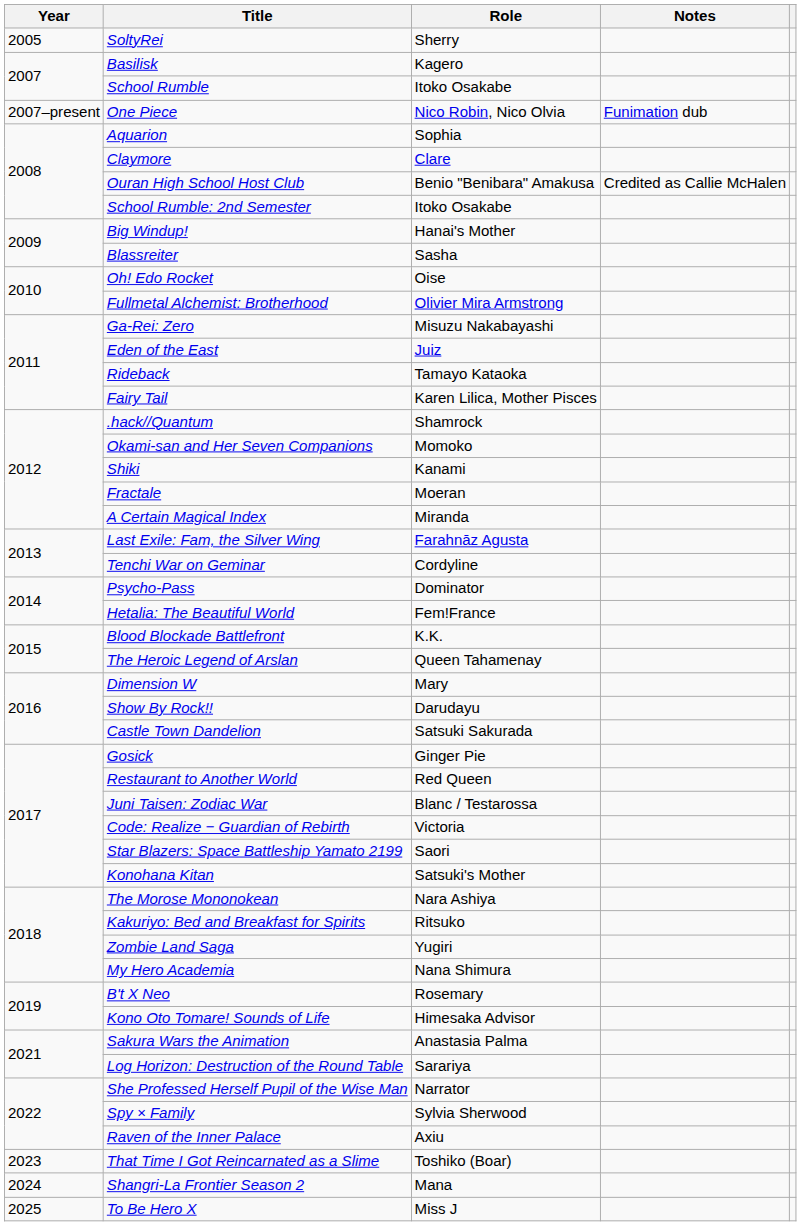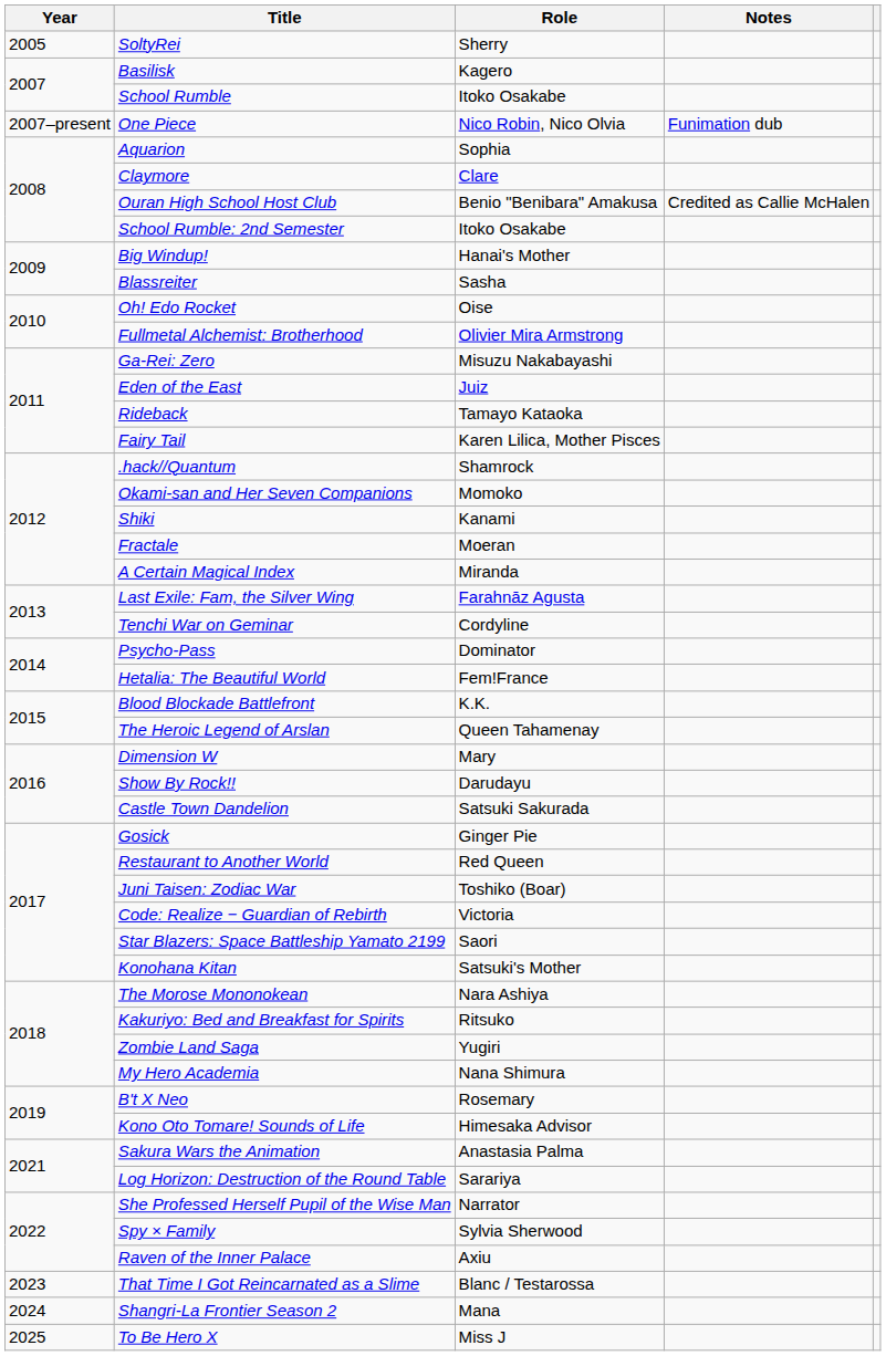 <table class="wikitable sortable plainrowheaders">
 <tr>
 <th>Year</th>
 <th>Title</th>
 <th>Role</th>
 <th class="unsortable">Notes</th>
 <th class="unsortable"></th>
 </tr>
 <tr>
 <td>2005</td>
 <td><em><a href='#'>SoltyRei</a></em></td>
 <td>Sherry</td>
 <td></td>
 <td></td>
 </tr>
 <tr>
 <td rowspan="2">2007</td>
 <td><em><a href='#'>Basilisk</a></em></td>
 <td>Kagero</td>
 <td></td>
 <td></td>
 </tr>
 <tr>
 <td><em><a href='#'>School Rumble</a></em></td>
 <td>Itoko Osakabe</td>
 <td></td>
 <td></td>
 </tr>
 <tr>
 <td>2007–present</td>
 <td><em><a href='#'>One Piece</a></em></td>
 <td><a href='#'>Nico Robin</a>, Nico Olvia</td>
 <td><a href='#'>Funimation</a> dub</td>
 <td></td>
 </tr>
 <tr>
 <td rowspan="4">2008</td>
 <td><em><a href='#'>Aquarion</a></em></td>
 <td>Sophia</td>
 <td></td>
 <td></td>
 </tr>
 <tr>
 <td><em><a href='#'>Claymore</a></em></td>
 <td><a href='#'>Clare</a></td>
 <td></td>
 <td></td>
 </tr>
 <tr>
 <td><em><a href='#'>Ouran High School Host Club</a></em></td>
 <td>Benio "Benibara" Amakusa</td>
 <td>Credited as Callie McHalen</td>
 <td></td>
 </tr>
 <tr>
 <td><em><a href='#'>School Rumble: 2nd Semester</a></em></td>
 <td>Itoko Osakabe</td>
 <td></td>
 <td></td>
 </tr>
 <tr>
 <td rowspan="2">2009</td>
 <td><em><a href='#'>Big Windup!</a></em></td>
 <td>Hanai's Mother</td>
 <td></td>
 <td></td>
 </tr>
 <tr>
 <td><em><a href='#'>Blassreiter</a></em></td>
 <td>Sasha</td>
 <td></td>
 <td></td>
 </tr>
 <tr>
 <td rowspan="2">2010</td>
 <td><em><a href='#'>Oh! Edo Rocket</a></em></td>
 <td>Oise</td>
 <td></td>
 <td></td>
 </tr>
 <tr>
 <td><em><a href='#'>Fullmetal Alchemist: Brotherhood</a></em></td>
 <td><a href='#'>Olivier Mira Armstrong</a></td>
 <td></td>
 <td></td>
 </tr>
 <tr>
 <td rowspan="4'">2011</td>
 <td><em><a href='#'>Ga-Rei: Zero</a></em></td>
 <td>Misuzu Nakabayashi</td>
 <td></td>
 <td></td>
 </tr>
 <tr>
 <td><em><a href='#'>Eden of the East</a></em></td>
 <td><a href='#'>Juiz</a></td>
 <td></td>
 <td></td>
 </tr>
 <tr>
 <td><em><a href='#'>Rideback</a></em></td>
 <td>Tamayo Kataoka</td>
 <td></td>
 <td></td>
 </tr>
 <tr>
 <td><em><a href='#'>Fairy Tail</a></em></td>
 <td>Karen Lilica, Mother Pisces</td>
 <td></td>
 <td></td>
 </tr>
 <tr>
 <td rowspan="5">2012</td>
 <td><em><a href='#'>.hack//Quantum</a></em></td>
 <td>Shamrock</td>
 <td></td>
 <td></td>
 </tr>
 <tr>
 <td><em><a href='#'>Okami-san and Her Seven Companions</a></em></td>
 <td>Momoko</td>
 <td></td>
 <td></td>
 </tr>
 <tr>
 <td><em><a href='#'>Shiki</a></em></td>
 <td>Kanami</td>
 <td></td>
 <td></td>
 </tr>
 <tr>
 <td><em><a href='#'>Fractale</a></em></td>
 <td>Moeran</td>
 <td></td>
 <td></td>
 </tr>
 <tr>
 <td><em><a href='#'>A Certain Magical Index</a></em></td>
 <td>Miranda</td>
 <td></td>
 <td></td>
 </tr>
 <tr>
 <td rowspan="2">2013<br></td>
 <td><em><a href='#'>Last Exile: Fam, the Silver Wing</a></em></td>
 <td><a href='#'>Farahnāz Agusta</a></td>
 <td></td>
 <td></td>
 </tr>
 <tr>
 <td><em><a href='#'>Tenchi War on Geminar</a></em></td>
 <td>Cordyline</td>
 <td></td>
 <td></td>
 </tr>
 <tr>
 <td rowspan="2">2014</td>
 <td><em><a href='#'>Psycho-Pass</a></em></td>
 <td>Dominator</td>
 <td></td>
 <td></td>
 </tr>
 <tr>
 <td><em><a href='#'>Hetalia: The Beautiful World</a></em></td>
 <td>Fem!France</td>
 <td></td>
 <td></td>
 </tr>
 <tr>
 <td rowspan="2">2015</td>
 <td><em><a href='#'>Blood Blockade Battlefront</a></em></td>
 <td>K.K.</td>
 <td></td>
 <td></td>
 </tr>
 <tr>
 <td><em><a href='#'>The Heroic Legend of Arslan</a></em></td>
 <td>Queen Tahamenay</td>
 <td></td>
 <td></td>
 </tr>
 <tr>
 <td rowspan="3">2016</td>
 <td><em><a href='#'>Dimension W</a></em></td>
 <td>Mary</td>
 <td></td>
 <td></td>
 </tr>
 <tr>
 <td><em><a href='#'>Show By Rock!!</a></em></td>
 <td>Darudayu</td>
 <td></td>
 <td></td>
 </tr>
 <tr>
 <td><em><a href='#'>Castle Town Dandelion</a></em></td>
 <td>Satsuki Sakurada</td>
 <td></td>
 <td></td>
 </tr>
 <tr>
 <td rowspan="6">2017<br></td>
 <td><em><a href='#'>Gosick</a></em></td>
 <td>Ginger Pie</td>
 <td></td>
 <td></td>
 </tr>
 <tr>
 <td><em><a href='#'>Restaurant to Another World</a></em></td>
 <td>Red Queen</td>
 <td></td>
 <td></td>
 </tr>
 <tr>
 <td><em><a href='#'>Juni Taisen: Zodiac War</a></em></td>
-<td>Blanc / Testarossa</td>
+<td>Toshiko (Boar)</td>
 <td></td>
 <td></td>
 </tr>
 <tr>
 <td><em><a href='#'>Code: Realize − Guardian of Rebirth</a></em></td>
 <td>Victoria</td>
 <td></td>
 <td></td>
 </tr>
 <tr>
 <td><em><a href='#'>Star Blazers: Space Battleship Yamato 2199</a></em></td>
 <td>Saori</td>
 <td></td>
 <td></td>
 </tr>
 <tr>
 <td><em><a href='#'>Konohana Kitan</a></em></td>
 <td>Satsuki's Mother</td>
 <td></td>
 <td></td>
 </tr>
 <tr>
 <td rowspan="4">2018<br></td>
 <td><em><a href='#'>The Morose Mononokean</a></em></td>
 <td>Nara Ashiya</td>
 <td></td>
 <td></td>
 </tr>
 <tr>
 <td><em><a href='#'>Kakuriyo: Bed and Breakfast for Spirits</a></em></td>
 <td>Ritsuko</td>
 <td></td>
 <td></td>
 </tr>
 <tr>
 <td><em><a href='#'>Zombie Land Saga</a></em></td>
 <td>Yugiri</td>
 <td></td>
 <td></td>
 </tr>
 <tr>
 <td><em><a href='#'>My Hero Academia</a></em></td>
 <td>Nana Shimura</td>
 <td></td>
 <td></td>
 </tr>
 <tr>
 <td rowspan="2">2019</td>
 <td><em><a href='#'>B't X Neo</a></em></td>
 <td>Rosemary</td>
 <td></td>
 <td></td>
 </tr>
 <tr>
 <td><em><a href='#'>Kono Oto Tomare! Sounds of Life</a></em></td>
 <td>Himesaka Advisor</td>
 <td></td>
 <td></td>
 </tr>
 <tr>
 <td rowspan="2">2021</td>
 <td><em><a href='#'>Sakura Wars the Animation</a></em></td>
 <td>Anastasia Palma</td>
 <td></td>
 <td></td>
 </tr>
 <tr>
 <td><em><a href='#'>Log Horizon: Destruction of the Round Table</a></em></td>
 <td>Sarariya</td>
 <td></td>
 <td></td>
 </tr>
 <tr>
 <td rowspan="3">2022</td>
 <td><em><a href='#'>She Professed Herself Pupil of the Wise Man</a></em></td>
 <td>Narrator</td>
 <td></td>
 <td></td>
 </tr>
 <tr>
 <td><em><a href='#'>Spy × Family</a></em></td>
 <td>Sylvia Sherwood</td>
 <td></td>
 <td></td>
 </tr>
 <tr>
 <td><em><a href='#'>Raven of the Inner Palace</a></em></td>
 <td>Axiu</td>
 <td></td>
 <td></td>
 </tr>
 <tr>
 <td rowspan="1">2023</td>
 <td><em><a href='#'>That Time I Got Reincarnated as a Slime</a></em></td>
-<td>Toshiko (Boar)</td>
+<td>Blanc / Testarossa</td>
 <td></td>
 <td></td>
 </tr>
 <tr>
 <td>2024</td>
 <td><em><a href='#'>Shangri-La Frontier Season 2</a></em></td>
 <td>Mana</td>
 <td></td>
 <td></td>
 </tr>
 <tr>
 <td>2025</td>
 <td><em><a href='#'>To Be Hero X</a></em></td>
 <td>Miss J</td>
 <td></td>
 <td></td>
 </tr>
 </table>
